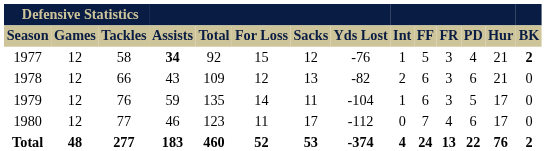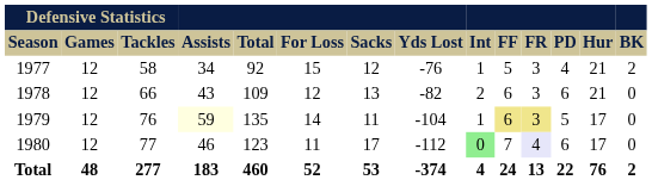 <table BORDER="0" CELLPADDING="3" CELLSPACING="0" ID="Table3" border="2">
 <tr ALIGN="center" bgcolor="#eeeeee">
 <th ALIGN="center" colspan="3" style="background-color: #091C44; color:#CEC499">  Defensive Statistics</th>
 <th ALIGN="center" colspan="5" style="background-color: #091C44; color:#CEC499"></th>
 <th ALIGN="center" colspan="5" style="background-color: #091C44; color:#CEC499"></th>
 <th ALIGN="center" colspan="5" style="background-color: #091C44; color:#CEC499"></th>
 </tr>
 <tr ALIGN="center" style="background-color: #CEC499; color:#091C44">
 <th ALIGN="center">Season</th>
 <th ALIGN="center">Games</th>
 <th ALIGN="center">Tackles</th>
 <th ALIGN="center">Assists</th>
 <th ALIGN="center">Total</th>
 <th ALIGN="center">For Loss</th>
 <th ALIGN="center">Sacks</th>
 <th ALIGN="center">Yds Lost</th>
 <th ALIGN="center">Int</th>
 <th ALIGN="center">FF</th>
 <th ALIGN="center">FR</th>
 <th ALIGN="center">PD</th>
 <th ALIGN="center">Hur</th>
 <th ALIGN="center">BK</th>
 </tr>
 <tr ALIGN="center">
 <td ALIGN="center">1977</td>
 <td ALIGN="center">12</td>
 <td ALIGN="center">58</td>
-<td ALIGN="center"><strong>34</strong></td>
+<td ALIGN="center">34</td>
 <td ALIGN="center">92</td>
 <td ALIGN="center">15</td>
 <td ALIGN="center">12</td>
 <td ALIGN="center">-76</td>
 <td ALIGN="center">1</td>
 <td ALIGN="center">5</td>
 <td ALIGN="center">3</td>
 <td ALIGN="center">4</td>
 <td ALIGN="center">21</td>
-<td ALIGN="center"><strong>2</strong></td>
+<td ALIGN="center">2</td>
 </tr>
 <tr ALIGN="center">
 <td ALIGN="center">1978</td>
 <td ALIGN="center">12</td>
 <td ALIGN="center">66</td>
 <td ALIGN="center">43</td>
 <td ALIGN="center">109</td>
 <td ALIGN="center">12</td>
 <td ALIGN="center">13</td>
 <td ALIGN="center">-82</td>
 <td ALIGN="center">2</td>
 <td ALIGN="center">6</td>
 <td ALIGN="center">3</td>
 <td ALIGN="center">6</td>
 <td ALIGN="center">21</td>
 <td ALIGN="center">0</td>
 </tr>
 <tr ALIGN="center">
 <td ALIGN="center">1979</td>
 <td ALIGN="center">12</td>
 <td ALIGN="center">76</td>
-<td ALIGN="center">59</td>
+<td ALIGN="center" style="background: lightyellow;">59</td>
 <td ALIGN="center">135</td>
 <td ALIGN="center">14</td>
 <td ALIGN="center">11</td>
 <td ALIGN="center">-104</td>
 <td ALIGN="center">1</td>
-<td ALIGN="center">6</td>
-<td ALIGN="center">3</td>
+<td ALIGN="center" style="background: khaki;">6</td>
+<td ALIGN="center" style="background: khaki;">3</td>
 <td ALIGN="center">5</td>
 <td ALIGN="center">17</td>
 <td ALIGN="center">0</td>
 </tr>
 <tr ALIGN="center">
 <td ALIGN="center">1980</td>
 <td ALIGN="center">12</td>
 <td ALIGN="center">77</td>
 <td ALIGN="center">46</td>
 <td ALIGN="center">123</td>
 <td ALIGN="center">11</td>
 <td ALIGN="center">17</td>
 <td ALIGN="center">-112</td>
-<td ALIGN="center">0</td>
+<td ALIGN="center" style="background: lightgreen;">0</td>
 <td ALIGN="center">7</td>
-<td ALIGN="center">4</td>
+<td ALIGN="center" style="background: lavender;">4</td>
 <td ALIGN="center">6</td>
 <td ALIGN="center">17</td>
 <td ALIGN="center">0</td>
 </tr>
 <tr ALIGN="center">
 </tr>
 <tr ALIGN="center" bgcolor="#f0f0f0">
 </tr>
 <tr ALIGN="center">
 <th ALIGN="center">Total</th>
 <th ALIGN="center">48</th>
 <th ALIGN="center">277</th>
 <th ALIGN="center">183</th>
 <th ALIGN="center">460</th>
 <th ALIGN="center">52</th>
 <th ALIGN="center">53</th>
 <th ALIGN="center">-374</th>
 <th ALIGN="center">4</th>
 <th ALIGN="center">24</th>
 <th ALIGN="center">13</th>
 <th ALIGN="center">22</th>
 <th ALIGN="center">76</th>
 <th ALIGN="center">2</th>
 </tr>
 <tr ALIGN="center" bgcolor="Navy">
 </tr>
 </table>
